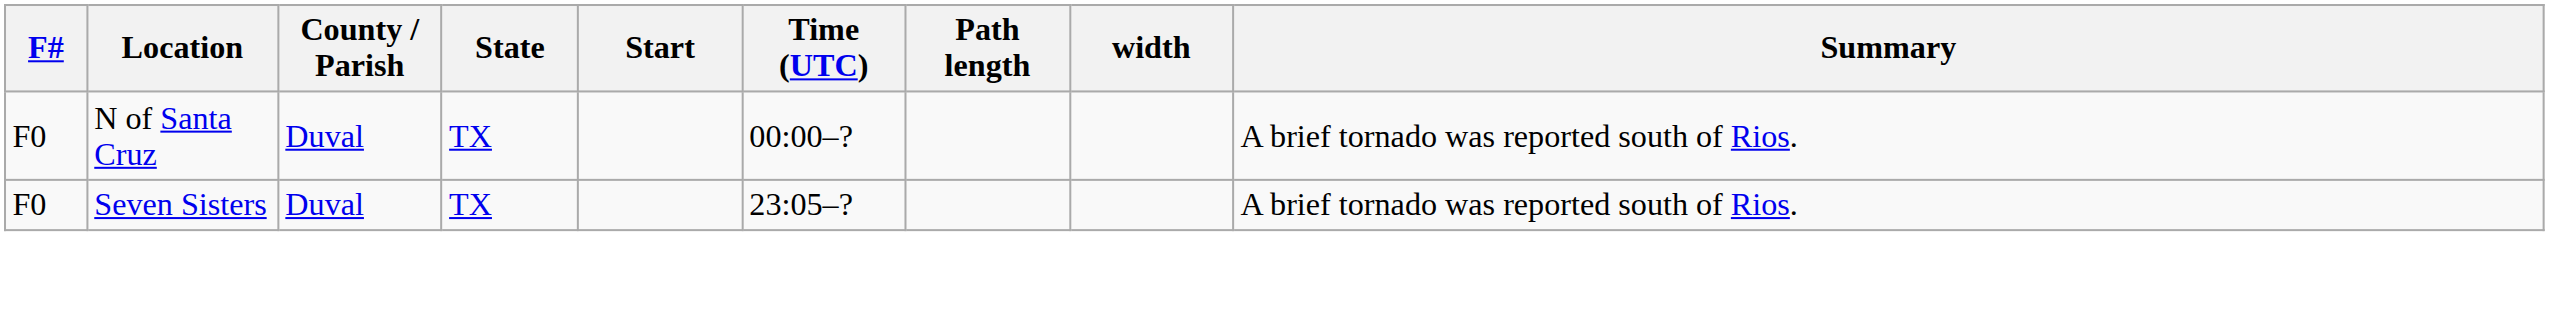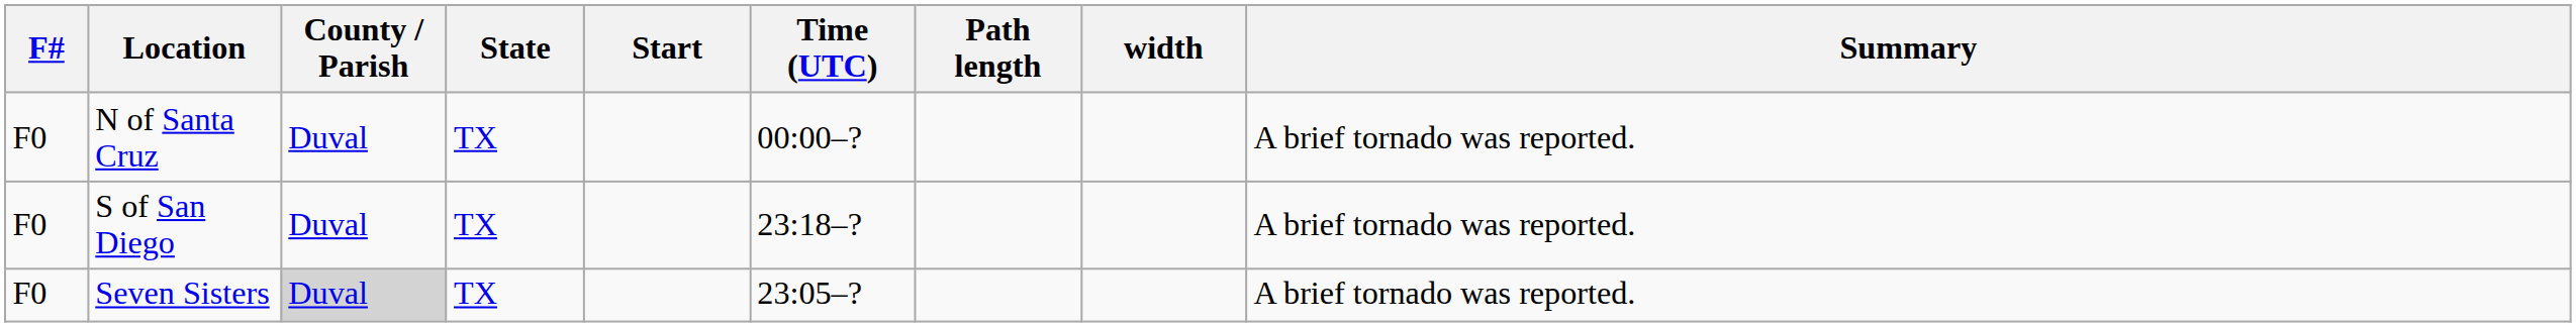 <table class="wikitable sortable" style="width:100%;">
 <tr>
 <th scope="col"  style="width:3%; text-align:center;"><a href='#'>F#</a></th>
 <th scope="col"  style="width:7%; text-align:center;" class="unsortable">Location</th>
 <th scope="col"  style="width:6%; text-align:center;" class="unsortable">County / Parish</th>
 <th scope="col"  style="width:5%; text-align:center;">State</th>
 <th scope="col"  style="width:6%; text-align:center;">Start<br></th>
 <th scope="col"  style="width:6%; text-align:center;">Time (<a href='#'>UTC</a>)</th>
 <th scope="col"  style="width:6%; text-align:center;">Path length</th>
 <th scope="col"  style="width:6%; text-align:center;"> width</th>
 <th scope="col" class="unsortable" style="width:48%; text-align:center;">Summary</th>
 </tr>
 <tr>
 <td>F0</td>
 <td>N of <a href='#'>Santa Cruz</a></td>
 <td><a href='#'>Duval</a></td>
 <td><a href='#'>TX</a></td>
 <td></td>
 <td>00:00–?</td>
 <td></td>
 <td></td>
-<td>A brief tornado was reported south of <a href='#'>Rios</a>.</td>
+<td>A brief tornado was reported.</td>
+</tr>
+<tr>
+<td>F0</td>
+<td>S of <a href='#'>San Diego</a></td>
+<td><a href='#'>Duval</a></td>
+<td><a href='#'>TX</a></td>
+<td></td>
+<td>23:18–?</td>
+<td></td>
+<td></td>
+<td>A brief tornado was reported.</td>
 </tr>
 <tr>
 <td>F0</td>
 <td><a href='#'>Seven Sisters</a></td>
-<td><a href='#'>Duval</a></td>
+<td style="background: lightgrey;"><a href='#'>Duval</a></td>
 <td><a href='#'>TX</a></td>
 <td></td>
 <td>23:05–?</td>
 <td></td>
 <td></td>
-<td>A brief tornado was reported south of <a href='#'>Rios</a>.</td>
+<td>A brief tornado was reported.</td>
 </tr>
 </table>
